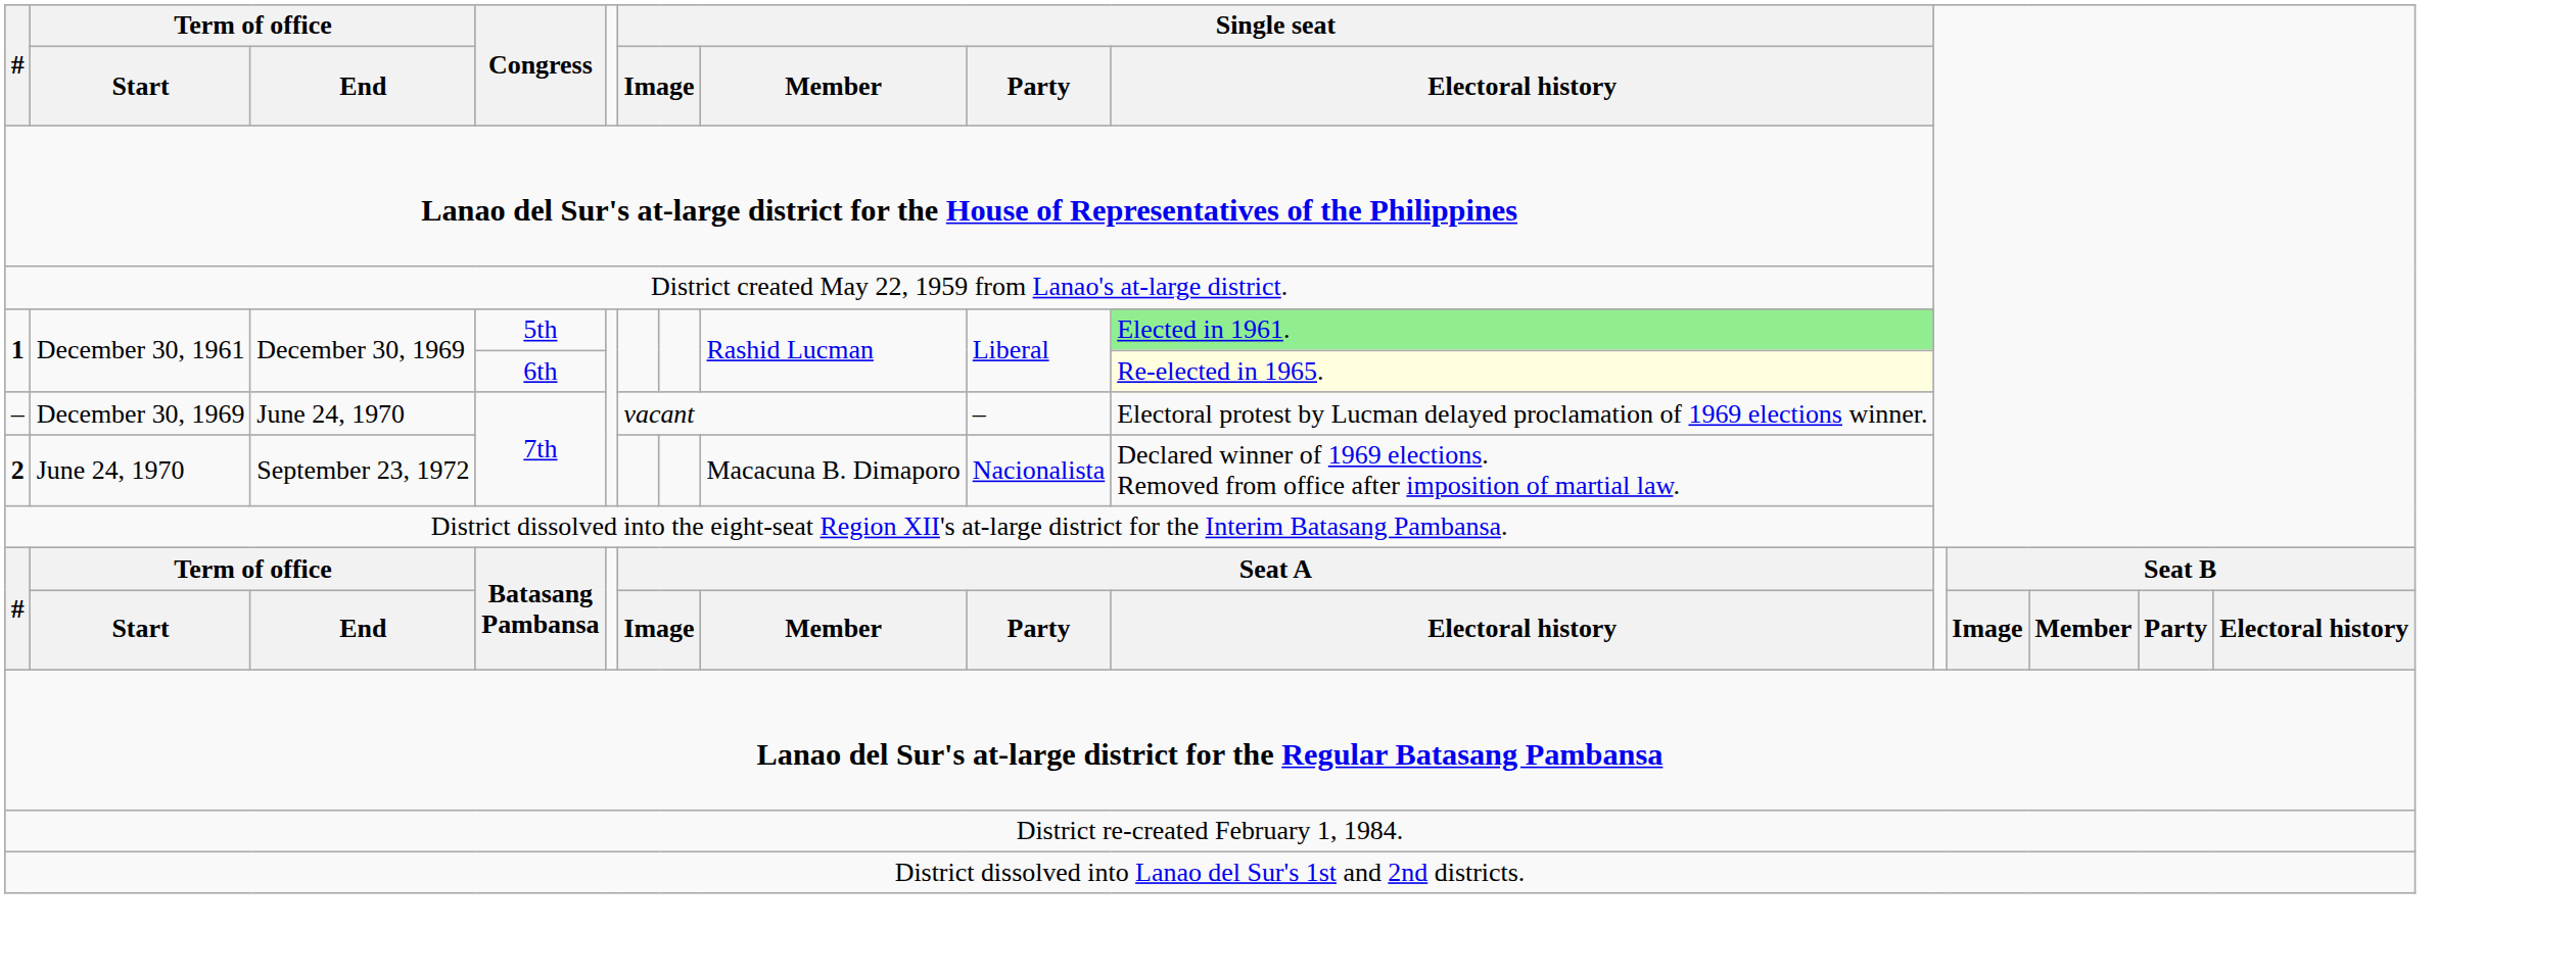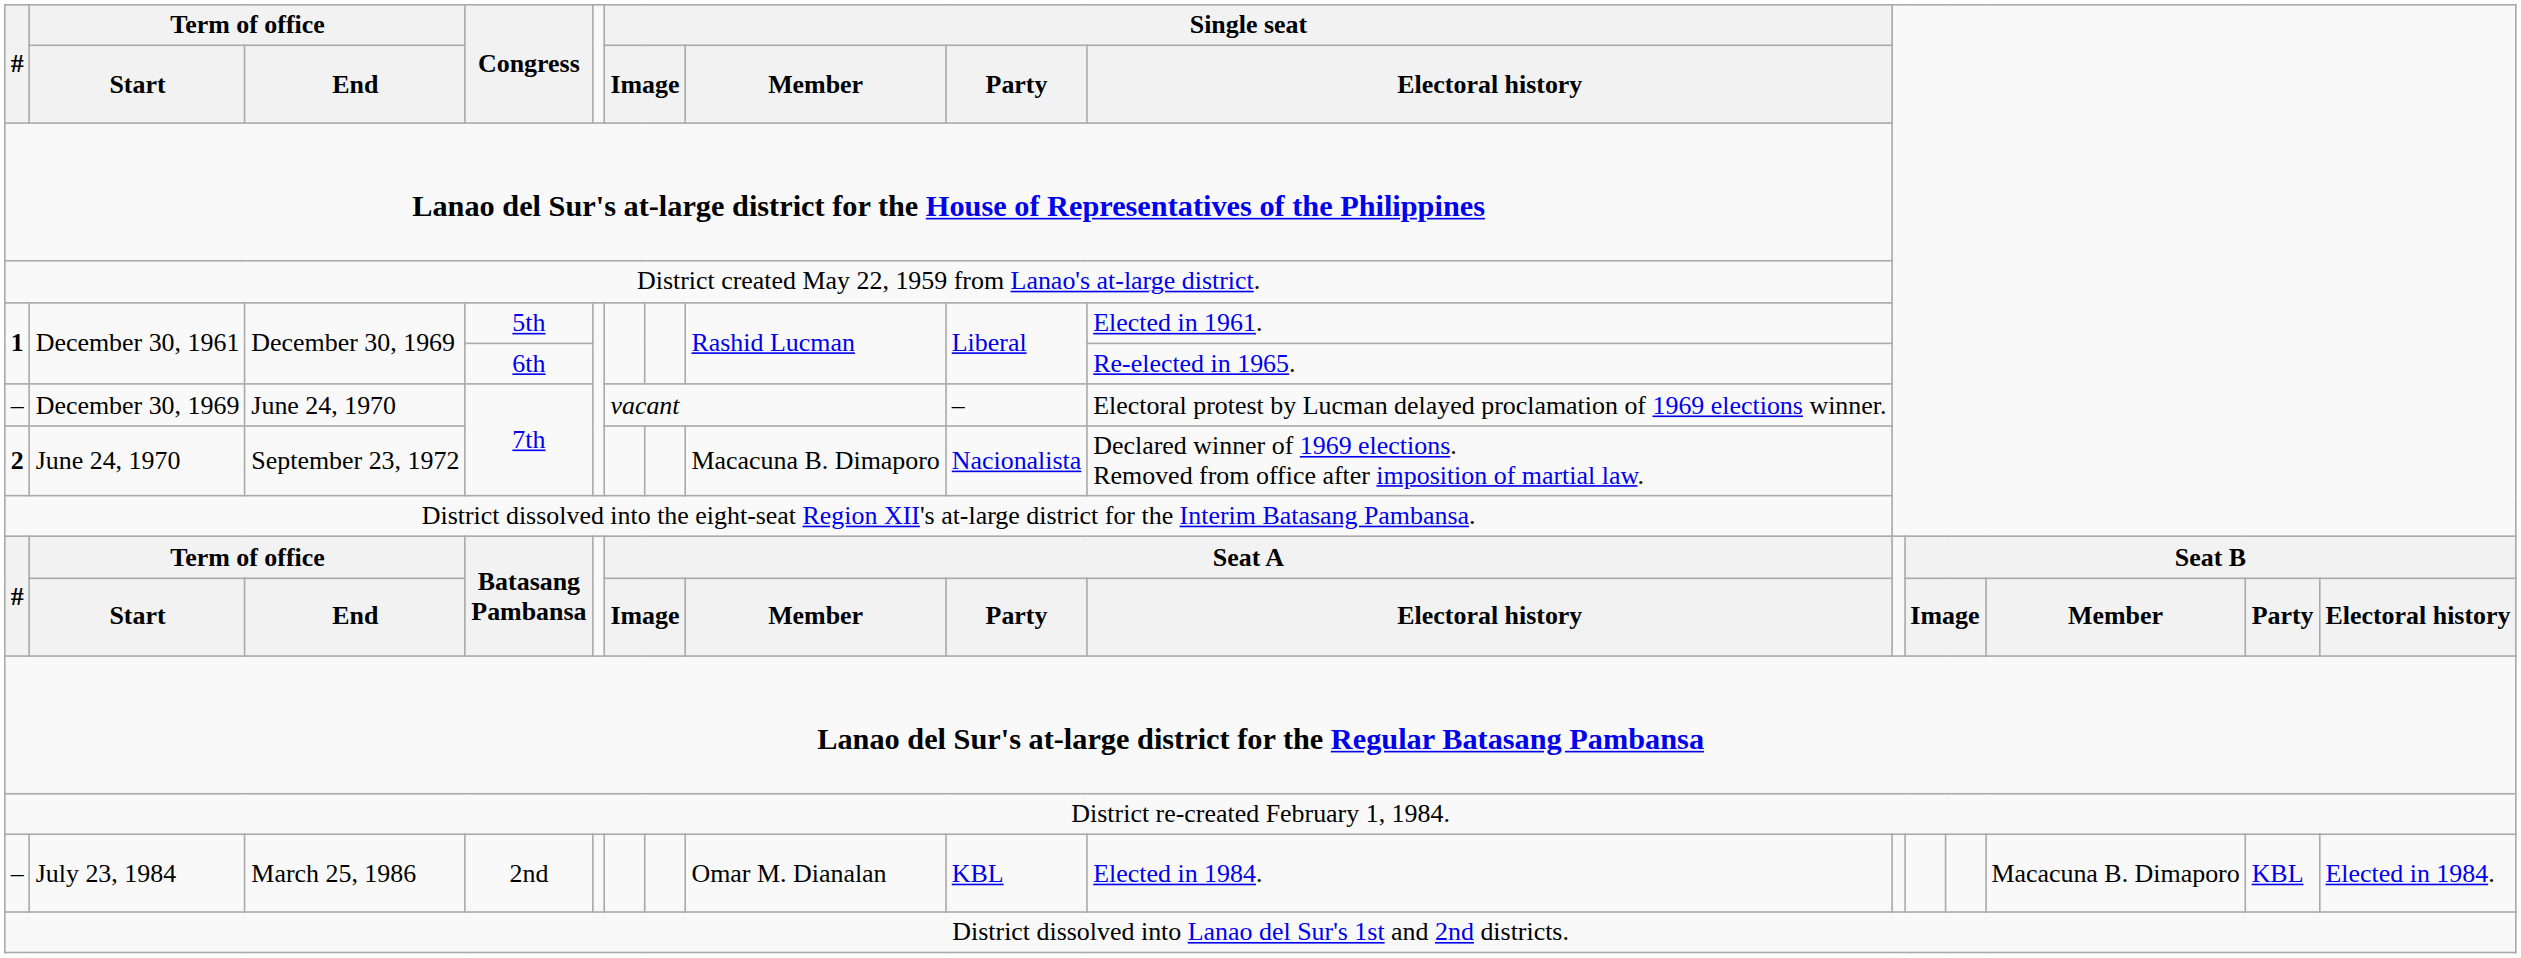 <table class=wikitable>
 <tr>
 <th rowspan=2>#</th>
 <th colspan=2>Term of office</th>
 <th rowspan=2>Congress</th>
 <td rowspan=2></td>
 <th colspan=5>Single seat</th>
 </tr>
 <tr style="height:3em">
 <th>Start</th>
 <th>End</th>
 <th colspan="2" style="text-align:center;">Image</th>
 <th>Member</th>
 <th>Party</th>
 <th>Electoral history</th>
 </tr>
 <tr>
 <td colspan="10" style="text-align:center;"><br><h3>Lanao del Sur's at-large district for the <a href='#'>House of Representatives of the Philippines</a></h3></td>
 </tr>
 <tr>
 <td colspan="10" style="text-align:center;">District created May 22, 1959 from <a href='#'>Lanao's at-large district</a>.</td>
 </tr>
 <tr>
 <td rowspan="2" style="text-align:center;"><strong>1</strong></td>
 <td rowspan="2">December 30, 1961</td>
 <td rowspan="2">December 30, 1969</td>
 <td style="text-align:center;"><a href='#'>5th</a></td>
 <td rowspan="4"></td>
 <td rowspan="2" style="color:inherit;background:"></td>
 <td rowspan="2"></td>
 <td rowspan="2"><a href='#'>Rashid Lucman</a></td>
 <td rowspan="2"><a href='#'>Liberal</a></td>
-<td style="background: lightgreen;"><a href='#'>Elected in 1961</a>.</td>
+<td><a href='#'>Elected in 1961</a>.</td>
 </tr>
 <tr>
 <td style="text-align:center;"><a href='#'>6th</a></td>
-<td style="background: lightyellow;"><a href='#'>Re-elected in 1965</a>.</td>
+<td><a href='#'>Re-elected in 1965</a>.</td>
 </tr>
 <tr>
 <td style="text-align:center;">–</td>
 <td>December 30, 1969</td>
 <td>June 24, 1970</td>
 <td rowspan="2" style="text-align:center;"><a href='#'>7th</a></td>
 <td colspan="3"><em>vacant</em></td>
 <td>–</td>
 <td>Electoral protest by Lucman delayed proclamation of <a href='#'>1969 elections</a> winner.</td>
 </tr>
 <tr>
 <td style="text-align:center;"><strong>2</strong></td>
 <td>June 24, 1970</td>
 <td>September 23, 1972</td>
 <td style="color:inherit;background:"></td>
 <td></td>
 <td>Macacuna B. Dimaporo</td>
 <td><a href='#'>Nacionalista</a></td>
 <td>Declared winner of <a href='#'>1969 elections</a>.<br>Removed from office after <a href='#'>imposition of martial law</a>.</td>
 </tr>
 <tr>
 <td colspan="10" style="text-align:center;">District dissolved into the eight-seat <a href='#'>Region XII</a>'s at-large district for the <a href='#'>Interim Batasang Pambansa</a>.</td>
 </tr>
 <tr>
 <th rowspan=2>#</th>
 <th colspan=2>Term of office</th>
 <th rowspan=2>Batasang<br>Pambansa</th>
 <td rowspan=2></td>
 <th colspan=5>Seat A</th>
 <td rowspan=2></td>
 <th colspan=5>Seat B</th>
 </tr>
 <tr style="height:3em">
 <th>Start</th>
 <th>End</th>
 <th colspan="2" style="text-align:center;">Image</th>
 <th>Member</th>
 <th>Party</th>
 <th>Electoral history</th>
 <th colspan="2" style="text-align:center;">Image</th>
 <th>Member</th>
 <th>Party</th>
 <th>Electoral history</th>
 </tr>
 <tr>
 <td colspan="16" style="text-align:center;"><br><h3>Lanao del Sur's at-large district for the <a href='#'>Regular Batasang Pambansa</a></h3></td>
 </tr>
 <tr>
 <td colspan="16" style="text-align:center;">District re-created February 1, 1984.</td>
 </tr>
+<tr style="height:3em">
+<td style="text-align:center;">–</td>
+<td>July 23, 1984</td>
+<td>March 25, 1986</td>
+<td style="text-align:center;">2nd</td>
+<td></td>
+<td style="color:inherit;background:"></td>
+<td></td>
+<td>Omar M. Dianalan</td>
+<td><a href='#'>KBL</a></td>
+<td><a href='#'>Elected in 1984</a>.</td>
+<td></td>
+<td style="color:inherit;background:"></td>
+<td></td>
+<td>Macacuna B. Dimaporo</td>
+<td><a href='#'>KBL</a></td>
+<td><a href='#'>Elected in 1984</a>.</td>
+</tr>
 <tr>
 <td colspan="16" style="text-align:center;">District dissolved into <a href='#'>Lanao del Sur's 1st</a> and <a href='#'>2nd</a> districts.</td>
 </tr>
 </table>
